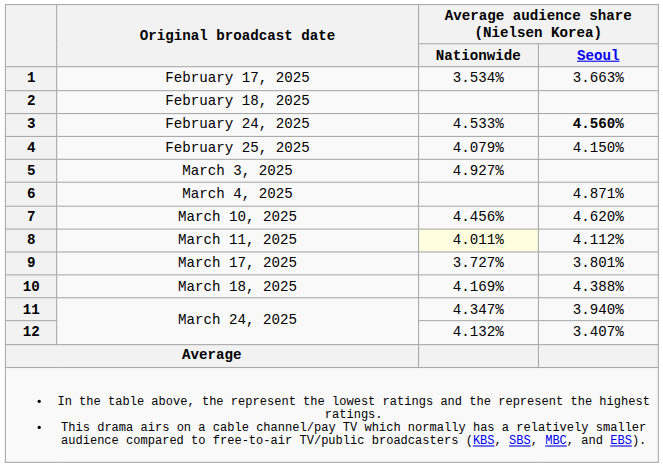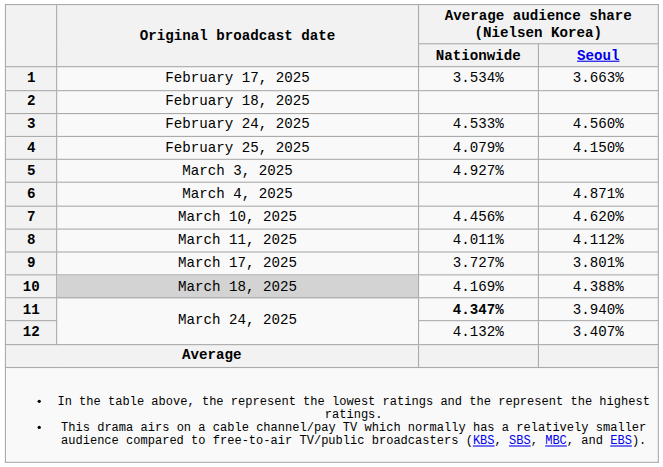 <table class="wikitable" style="margin-left:auto; margin-right:auto; width:600px; text-align:center">
 <tr>
 <th scope="col" rowspan="2"></th>
 <th scope="col" rowspan="2">Original broadcast date</th>
 <th scope="col" colspan="2">Average audience share<br>(Nielsen Korea)</th>
 </tr>
 <tr>
 <th scope="col" style="width:8em">Nationwide</th>
 <th scope="col" style="width:8em"><a href='#'>Seoul</a></th>
 </tr>
 <tr>
 <th scope="row">1</th>
 <td>February 17, 2025</td>
 <td>3.534% </td>
 <td>3.663% </td>
 </tr>
 <tr>
 <th scope="row">2</th>
 <td>February 18, 2025</td>
 <td><strong></strong> </td>
 <td><strong></strong> </td>
 </tr>
 <tr>
 <th scope="row">3</th>
 <td>February 24, 2025</td>
 <td>4.533% </td>
-<td><strong>4.560% </strong></td>
+<td>4.560% </td>
 </tr>
 <tr>
 <th scope="row">4</th>
 <td>February 25, 2025</td>
 <td>4.079% </td>
 <td>4.150% </td>
 </tr>
 <tr>
 <th scope="row">5</th>
 <td>March 3, 2025</td>
 <td>4.927% </td>
 <td><strong></strong> </td>
 </tr>
 <tr>
 <th scope="row">6</th>
 <td>March 4, 2025</td>
 <td><strong></strong> </td>
 <td>4.871% </td>
 </tr>
 <tr>
 <th scope="row">7</th>
 <td>March 10, 2025</td>
 <td>4.456% </td>
 <td>4.620% </td>
 </tr>
 <tr>
 <th scope="row">8</th>
 <td>March 11, 2025</td>
-<td style="background: lightyellow;">4.011% </td>
+<td>4.011% </td>
 <td>4.112% </td>
 </tr>
 <tr>
 <th scope="row">9</th>
 <td>March 17, 2025</td>
 <td>3.727% </td>
 <td>3.801% </td>
 </tr>
 <tr>
 <th scope="row">10</th>
-<td>March 18, 2025</td>
+<td style="background: lightgrey;">March 18, 2025</td>
 <td>4.169% </td>
 <td>4.388% </td>
 </tr>
 <tr>
 <th scope="row">11</th>
 <td rowspan="2">March 24, 2025</td>
-<td>4.347% </td>
+<td><strong>4.347% </strong></td>
 <td>3.940% </td>
 </tr>
 <tr>
 <th scope="row">12</th>
 <td>4.132% </td>
 <td>3.407% </td>
 </tr>
 <tr>
 <th scope="col" colspan="2">Average</th>
 <th scope="col"></th>
 <th scope="col"></th>
 </tr>
 <tr>
 <td colspan="4" style="font-size:85%"><br><ul><li>In the table above, the <strong></strong> represent the lowest ratings and the <strong></strong> represent the highest ratings.</li><li>This drama airs on a cable channel/pay TV which normally has a relatively smaller audience compared to free-to-air TV/public broadcasters (<a href='#'>KBS</a>, <a href='#'>SBS</a>, <a href='#'>MBC</a>, and <a href='#'>EBS</a>).</li></ul></td>
 </tr>
 </table>
